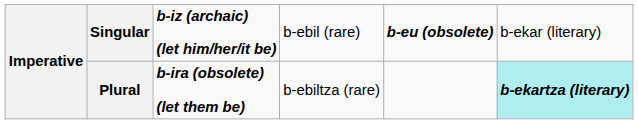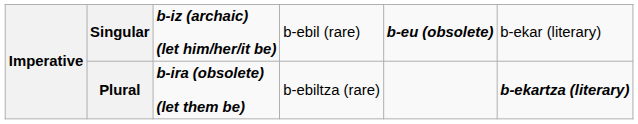 <table class="wikitable" style="margin: 1em auto 1em auto">
 <tr>
 <th rowspan=2 align="center">Imperative</th>
 <th>Singular</th>
 <td><strong><em>b<strong>-iz<em> (archaic)<br><br>(let him/her/it be)</td>
 <td></em></strong>b</strong>-ebil</em> (rare)</td>
 <td><strong><em>b<strong>-eu<em> (obsolete)</td>
 <td></em></strong>b</strong>-ekar</em> (literary)</td>
 </tr>
 <tr>
 <th>Plural</th>
 <td><strong><em>b<strong>-ira<em> (obsolete)<br><br>(let them be)</td>
 <td></em></strong>b</strong>-ebiltza</em> (rare)</td>
 <td></td>
-<td style="background: paleturquoise;"><strong><em>b<strong>-ekartza<em> (literary)</td>
+<td><strong><em>b<strong>-ekartza<em> (literary)</td>
 </tr>
 </table>
